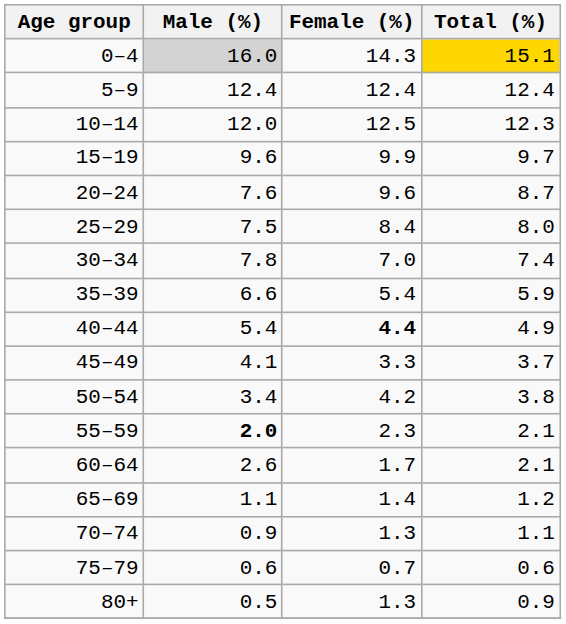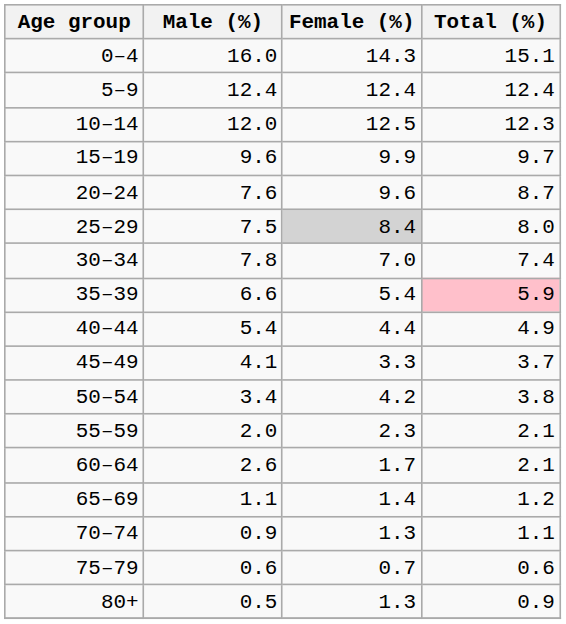 <table class="wikitable">
 <tr>
 <th width="80">Age group</th>
 <th width="80">Male (%)</th>
 <th width="80">Female (%)</th>
 <th width="80">Total (%)</th>
 </tr>
 <tr>
 <td align="right">0–4</td>
-<td align="right" style="background: lightgrey;">16.0</td>
+<td align="right">16.0</td>
 <td align="right">14.3</td>
-<td align="right" style="background: gold;">15.1</td>
+<td align="right">15.1</td>
 </tr>
 <tr>
 <td align="right">5–9</td>
 <td align="right">12.4</td>
 <td align="right">12.4</td>
 <td align="right">12.4</td>
 </tr>
 <tr>
 <td align="right">10–14</td>
 <td align="right">12.0</td>
 <td align="right">12.5</td>
 <td align="right">12.3</td>
 </tr>
 <tr>
 <td align="right">15–19</td>
 <td align="right">9.6</td>
 <td align="right">9.9</td>
 <td align="right">9.7</td>
 </tr>
 <tr>
 <td align="right">20–24</td>
 <td align="right">7.6</td>
 <td align="right">9.6</td>
 <td align="right">8.7</td>
 </tr>
 <tr>
 <td align="right">25–29</td>
 <td align="right">7.5</td>
-<td align="right">8.4</td>
+<td align="right" style="background: lightgrey;">8.4</td>
 <td align="right">8.0</td>
 </tr>
 <tr>
 <td align="right">30–34</td>
 <td align="right">7.8</td>
 <td align="right">7.0</td>
 <td align="right">7.4</td>
 </tr>
 <tr>
 <td align="right">35–39</td>
 <td align="right">6.6</td>
 <td align="right">5.4</td>
-<td align="right">5.9</td>
+<td align="right" style="background: pink;">5.9</td>
 </tr>
 <tr>
 <td align="right">40–44</td>
 <td align="right">5.4</td>
-<td align="right"><strong>4.4</strong></td>
+<td align="right">4.4</td>
 <td align="right">4.9</td>
 </tr>
 <tr>
 <td align="right">45–49</td>
 <td align="right">4.1</td>
 <td align="right">3.3</td>
 <td align="right">3.7</td>
 </tr>
 <tr>
 <td align="right">50–54</td>
 <td align="right">3.4</td>
 <td align="right">4.2</td>
 <td align="right">3.8</td>
 </tr>
 <tr>
 <td align="right">55–59</td>
-<td align="right"><strong>2.0</strong></td>
+<td align="right">2.0</td>
 <td align="right">2.3</td>
 <td align="right">2.1</td>
 </tr>
 <tr>
 <td align="right">60–64</td>
 <td align="right">2.6</td>
 <td align="right">1.7</td>
 <td align="right">2.1</td>
 </tr>
 <tr>
 <td align="right">65–69</td>
 <td align="right">1.1</td>
 <td align="right">1.4</td>
 <td align="right">1.2</td>
 </tr>
 <tr>
 <td align="right">70–74</td>
 <td align="right">0.9</td>
 <td align="right">1.3</td>
 <td align="right">1.1</td>
 </tr>
 <tr>
 <td align="right">75–79</td>
 <td align="right">0.6</td>
 <td align="right">0.7</td>
 <td align="right">0.6</td>
 </tr>
 <tr>
 <td align="right">80+</td>
 <td align="right">0.5</td>
 <td align="right">1.3</td>
 <td align="right">0.9</td>
 </tr>
 <tr>
 </tr>
 </table>
